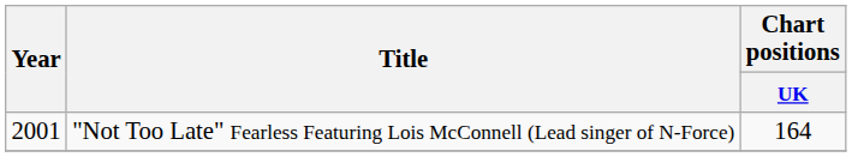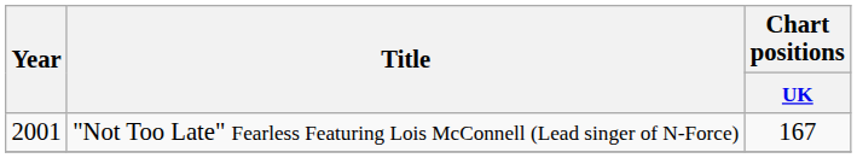 <table class="wikitable">
 <tr>
 <th rowspan="2">Year</th>
 <th rowspan="2">Title</th>
 <th colspan="1">Chart positions</th>
 </tr>
 <tr>
 <th width="30"><a href='#'><small>UK</small></a></th>
 </tr>
 <tr>
 <td align="center">2001</td>
 <td align="left">"Not Too Late" <small>Fearless Featuring Lois McConnell (Lead singer of N-Force)</small></td>
-<td align="center">164</td>
+<td align="center">167</td>
 </tr>
 <tr>
 </tr>
 </table>
